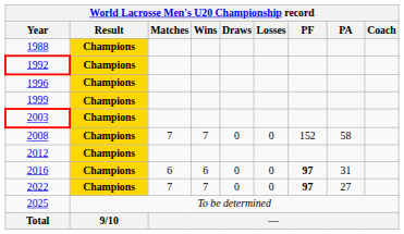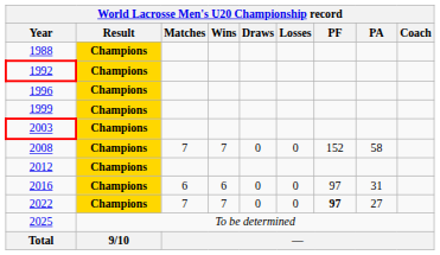 <table class="wikitable"  style="text-align:center;">
 <tr>
 <th colspan=9><strong><a href='#'>World Lacrosse Men's U20 Championship</a> record</strong></th>
 </tr>
 <tr>
 <th width=90>Year</th>
 <th width=110>Result</th>
 <th>Matches</th>
 <th>Wins</th>
 <th>Draws</th>
 <th>Losses</th>
 <th width=50>PF</th>
 <th width=50>PA</th>
 <th>Coach</th>
 </tr>
 <tr>
 <td> <a href='#'>1988</a></td>
 <td style="background:gold;"><strong>Champions</strong></td>
 <td></td>
 <td></td>
 <td></td>
 <td></td>
 <td></td>
 <td></td>
 <td></td>
 </tr>
 <tr>
 <td style="border: 3px solid red"> <a href='#'>1992</a></td>
 <td style="background:gold;"><strong>Champions</strong></td>
 <td></td>
 <td></td>
 <td></td>
 <td></td>
 <td></td>
 <td></td>
 <td></td>
 </tr>
 <tr>
 <td> <a href='#'>1996</a></td>
 <td style="background:gold;"><strong>Champions</strong></td>
 <td></td>
 <td></td>
 <td></td>
 <td></td>
 <td></td>
 <td></td>
 <td></td>
 </tr>
 <tr>
 <td> <a href='#'>1999</a></td>
 <td style="background:gold;"><strong>Champions</strong></td>
 <td></td>
 <td></td>
 <td></td>
 <td></td>
 <td></td>
 <td></td>
 <td></td>
 </tr>
 <tr>
 <td style="border: 3px solid red"> <a href='#'>2003</a></td>
 <td style="background:gold;"><strong>Champions</strong></td>
 <td></td>
 <td></td>
 <td></td>
 <td></td>
 <td></td>
 <td></td>
 <td></td>
 </tr>
 <tr>
 <td> <a href='#'>2008</a></td>
 <td style="background:gold;"><strong>Champions</strong></td>
 <td>7</td>
 <td>7</td>
 <td>0</td>
 <td>0</td>
 <td>152</td>
 <td>58</td>
 <td></td>
 </tr>
 <tr>
 <td> <a href='#'>2012</a></td>
 <td style="background:gold;"><strong>Champions</strong></td>
 <td></td>
 <td></td>
 <td></td>
 <td></td>
 <td></td>
 <td></td>
 <td></td>
 </tr>
 <tr>
 <td> <a href='#'>2016</a></td>
 <td style="background:gold;"><strong>Champions</strong></td>
 <td>6</td>
 <td>6</td>
 <td>0</td>
 <td>0</td>
-<td><strong>97</strong></td>
+<td>97</td>
 <td>31</td>
 <td></td>
 </tr>
 <tr>
 <td> <a href='#'>2022</a></td>
 <td style="background:gold;"><strong>Champions</strong></td>
 <td>7</td>
 <td>7</td>
 <td>0</td>
 <td>0</td>
 <td><strong>97</strong></td>
 <td>27</td>
 <td></td>
 </tr>
 <tr>
 <td> <a href='#'>2025</a></td>
 <td colspan=8><em>To be determined</em></td>
 </tr>
 <tr>
 <th>Total</th>
 <th>9/10</th>
 <th colspan=7>—</th>
 </tr>
 </table>
